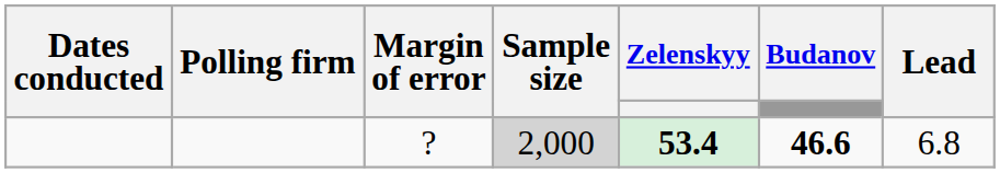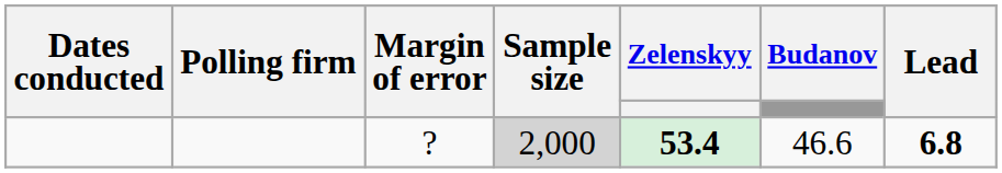 <table class="wikitable sortable mw-datatable mw-collapsible" style="text-align:center;font-size:90%;line-height:14px;">
 <tr style="height:40px;">
 <th rowspan="2">Dates<br>conducted</th>
 <th rowspan="2">Polling firm</th>
 <th rowspan="2">Margin<br>of error</th>
 <th rowspan="2">Sample<br>size</th>
 <th><small><a href='#'>Zelenskyy</a></small><br></th>
 <th><small><a href='#'>Budanov</a></small><br></th>
 <th rowspan="2" style="width:40px;">Lead</th>
 </tr>
 <tr>
 <th data-sort-type="number" style="background:"></th>
 <th data-sort-type="number" style="background:#989898;"></th>
 </tr>
 <tr>
 <td></td>
 <td></td>
 <td>?</td>
 <td style="background: lightgrey;">2,000</td>
 <td style="background:#D7F0DB"><strong>53.4</strong></td>
-<td><strong>46.6</strong></td>
-<td style="background:">6.8</td>
+<td>46.6</td>
+<td style="background:"><strong>6.8</strong></td>
 </tr>
 </table>
